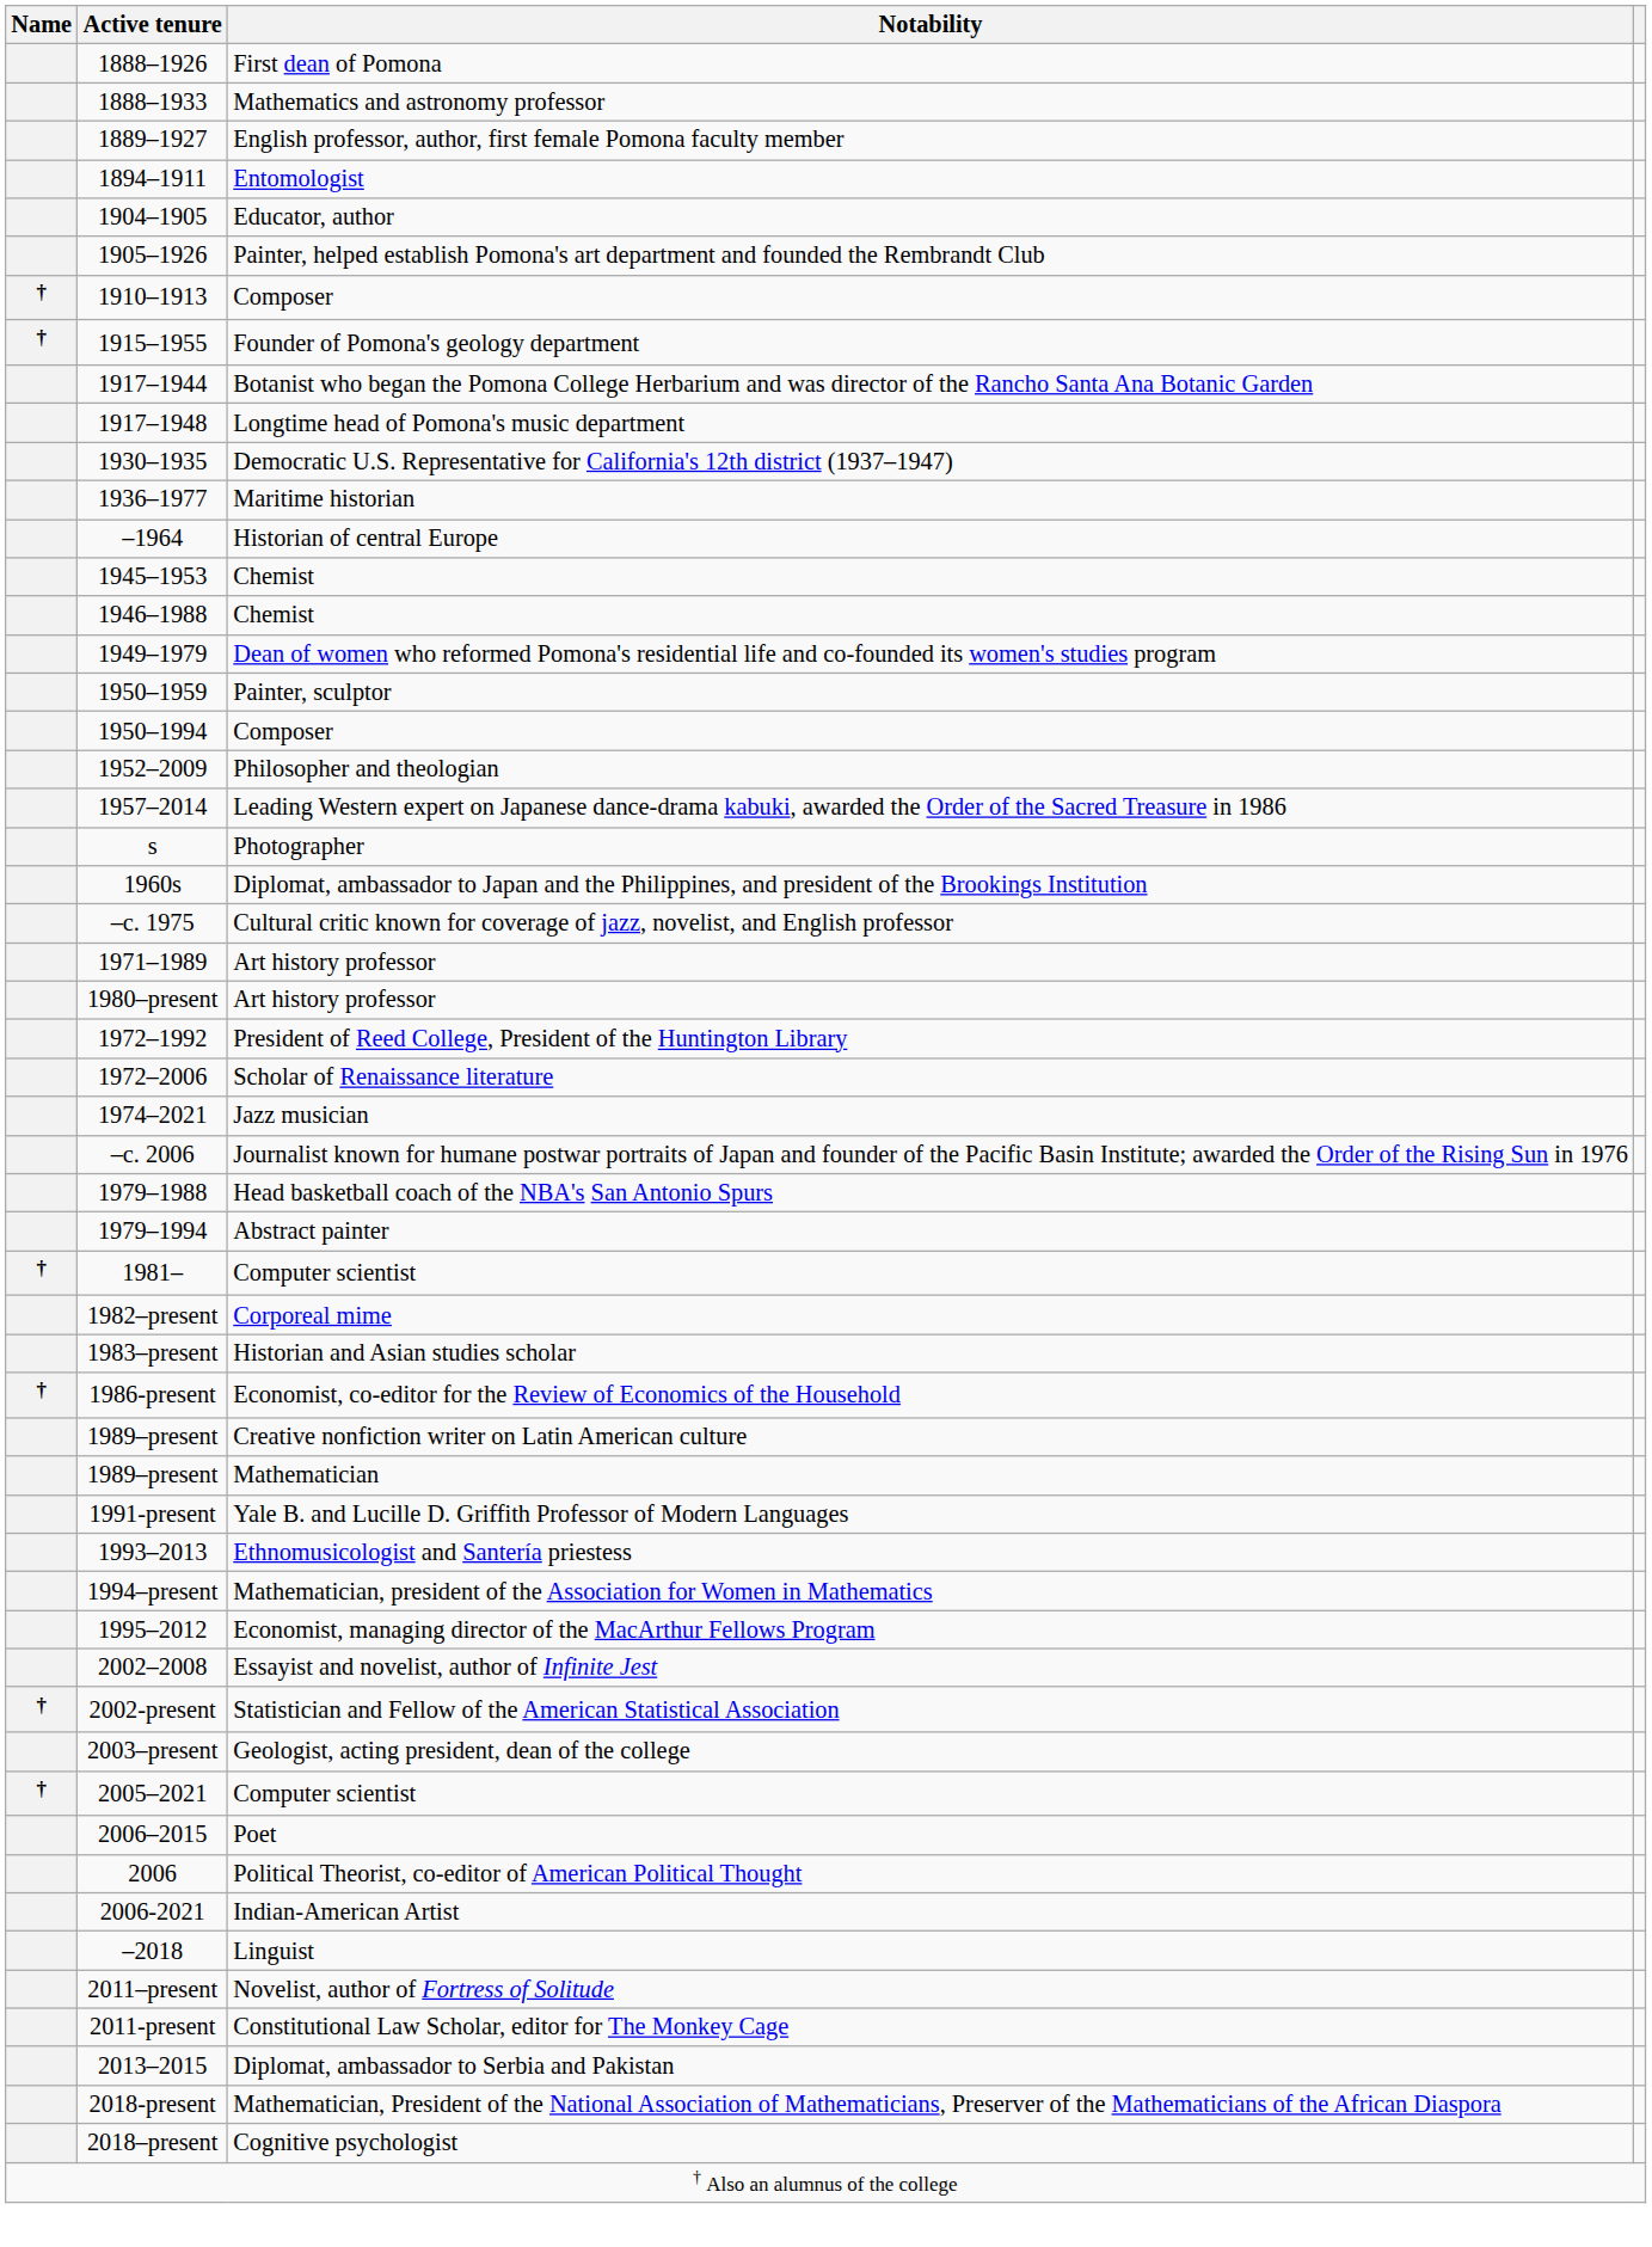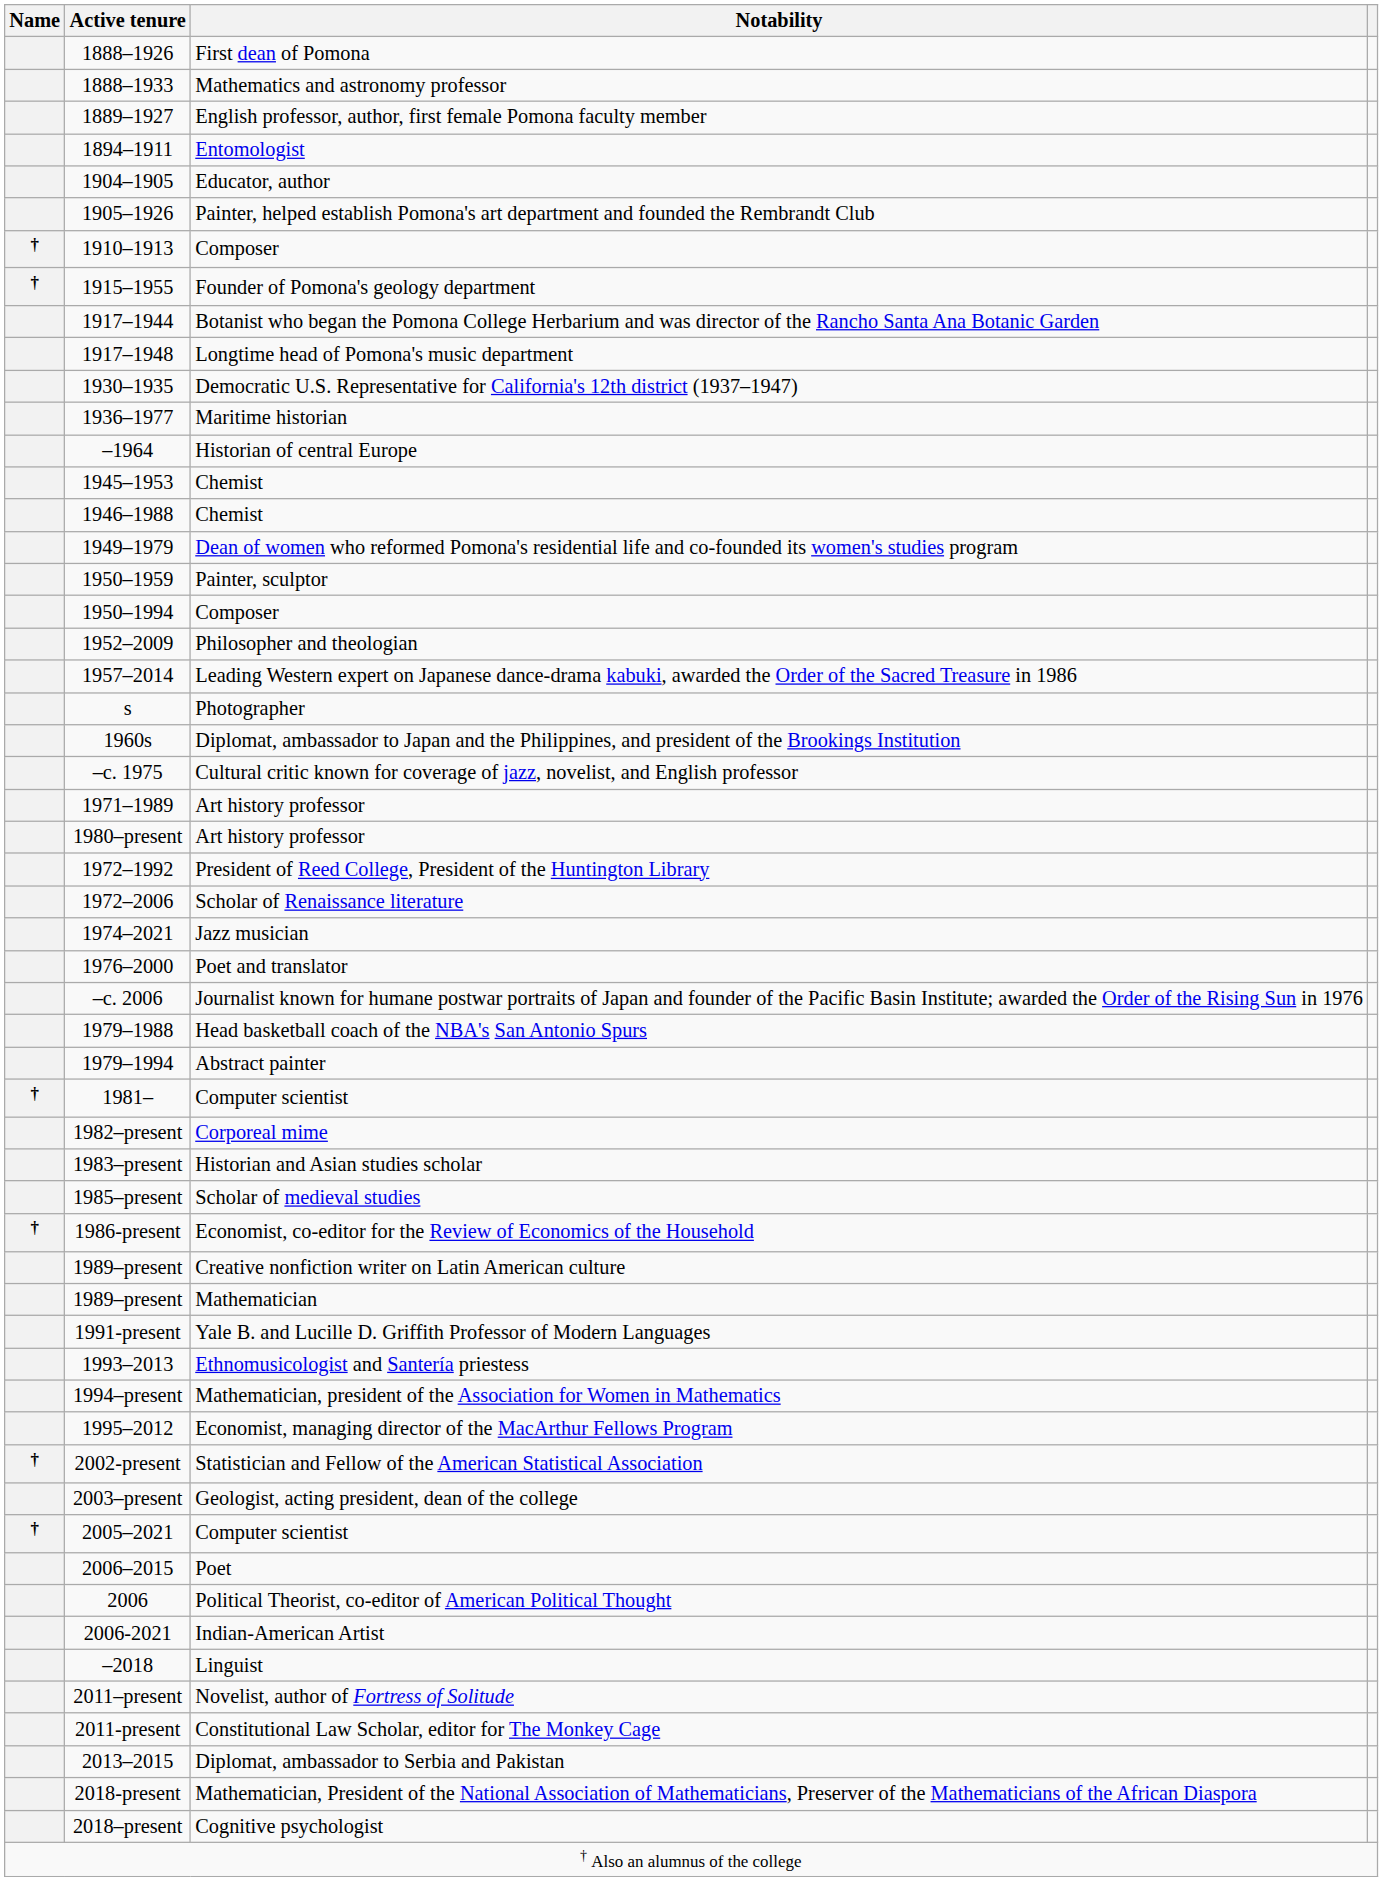 <table class="wikitable sortable plainrowheaders" style="text-align:center; border:2px solid #">
 <tr>
 <th scope="col">Name</th>
 <th scope="col">Active tenure</th>
 <th scope="col">Notability</th>
 <th scope="col"></th>
 </tr>
 <tr>
 <th scope="row"></th>
 <td>1888–1926</td>
 <td style="text-align:left;">First <a href='#'>dean</a> of Pomona</td>
 <td></td>
 </tr>
 <tr>
 <th scope="row"></th>
 <td>1888–1933</td>
 <td style="text-align:left;">Mathematics and astronomy professor</td>
 <td></td>
 </tr>
 <tr>
 <th scope="row"></th>
 <td>1889–1927</td>
 <td style="text-align:left;">English professor, author, first female Pomona faculty member</td>
 <td></td>
 </tr>
 <tr>
 <th scope="row"></th>
 <td>1894–1911</td>
 <td style="text-align:left;"><a href='#'>Entomologist</a></td>
 <td></td>
 </tr>
 <tr>
 <th scope="row"></th>
 <td>1904–1905</td>
 <td style="text-align:left;">Educator, author</td>
 <td></td>
 </tr>
 <tr>
 <th scope="row"></th>
 <td>1905–1926</td>
 <td style="text-align:left;">Painter, helped establish Pomona's art department and founded the Rembrandt Club</td>
 <td></td>
 </tr>
 <tr>
 <th scope="row"><sup>†</sup></th>
 <td>1910–1913</td>
 <td style="text-align:left;">Composer</td>
 <td></td>
 </tr>
 <tr>
 <th scope="row"><sup>†</sup></th>
 <td>1915–1955</td>
 <td style="text-align:left;">Founder of Pomona's geology department</td>
 <td></td>
 </tr>
 <tr>
 <th scope="row"></th>
 <td>1917–1944</td>
 <td style="text-align:left;">Botanist who began the Pomona College Herbarium and was director of the <a href='#'>Rancho Santa Ana Botanic Garden</a></td>
 <td></td>
 </tr>
 <tr>
 <th scope="row"></th>
 <td>1917–1948</td>
 <td style="text-align:left;">Longtime head of Pomona's music department</td>
 <td></td>
 </tr>
 <tr>
 <th scope="row"></th>
 <td>1930–1935</td>
 <td style="text-align:left;">Democratic U.S. Representative for <a href='#'>California's 12th district</a> (1937–1947)</td>
 <td></td>
 </tr>
 <tr>
 <th scope="row"></th>
 <td>1936–1977</td>
 <td style="text-align:left;">Maritime historian</td>
 <td></td>
 </tr>
 <tr>
 <th scope="row"></th>
 <td>–1964</td>
 <td style="text-align:left;">Historian of central Europe</td>
 <td></td>
 </tr>
 <tr>
 <th scope="row"></th>
 <td>1945–1953</td>
 <td style="text-align:left;">Chemist</td>
 <td></td>
 </tr>
 <tr>
 <th scope="row"></th>
 <td>1946–1988</td>
 <td style="text-align:left;">Chemist</td>
 <td></td>
 </tr>
 <tr>
 <th scope="row"></th>
 <td>1949–1979</td>
 <td style="text-align:left;"><a href='#'>Dean of women</a> who reformed Pomona's residential life and co-founded its <a href='#'>women's studies</a> program</td>
 <td></td>
 </tr>
 <tr>
 <th scope="row"></th>
 <td>1950–1959</td>
 <td style="text-align:left;">Painter, sculptor</td>
 <td></td>
 </tr>
 <tr>
 <th scope="row"></th>
 <td>1950–1994</td>
 <td style="text-align:left;">Composer</td>
 <td></td>
 </tr>
 <tr>
 <th scope="row"></th>
 <td>1952–2009</td>
 <td style="text-align:left;">Philosopher and theologian</td>
 <td></td>
 </tr>
 <tr>
 <th scope="row"></th>
 <td>1957–2014</td>
 <td style="text-align:left;">Leading Western expert on Japanese dance-drama <a href='#'>kabuki</a>, awarded the <a href='#'>Order of the Sacred Treasure</a> in 1986</td>
 <td></td>
 </tr>
 <tr>
 <th scope="row"></th>
 <td>s</td>
 <td style="text-align:left;">Photographer</td>
 <td></td>
 </tr>
 <tr>
 <th scope="row"></th>
 <td>1960s</td>
 <td style="text-align:left;">Diplomat, ambassador to Japan and the Philippines, and president of the <a href='#'>Brookings Institution</a></td>
 <td></td>
 </tr>
 <tr>
 <th scope="row"></th>
 <td>–c. 1975</td>
 <td style="text-align:left;">Cultural critic known for coverage of <a href='#'>jazz</a>, novelist, and English professor</td>
 <td></td>
 </tr>
 <tr>
 <th scope="row"></th>
 <td>1971–1989</td>
 <td style="text-align:left;">Art history professor</td>
 <td></td>
 </tr>
 <tr>
 <th scope="row"></th>
 <td>1980–present</td>
 <td style="text-align:left;">Art history professor</td>
 <td></td>
 </tr>
 <tr>
 <th scope="row"></th>
 <td>1972–1992</td>
 <td style="text-align:left;">President of <a href='#'>Reed College</a>, President of the <a href='#'>Huntington Library</a></td>
 <td></td>
 </tr>
 <tr>
 <th scope="row"></th>
 <td>1972–2006</td>
 <td style="text-align:left;">Scholar of <a href='#'>Renaissance literature</a></td>
 <td></td>
 </tr>
 <tr>
 <th scope="row"></th>
 <td>1974–2021</td>
 <td style="text-align:left;">Jazz musician</td>
 <td></td>
 </tr>
 <tr>
 <th scope="row"></th>
+<td>1976–2000</td>
+<td style="text-align:left;">Poet and translator</td>
+<td></td>
+</tr>
+<tr>
+<th scope="row"></th>
 <td>–c. 2006</td>
 <td style="text-align:left;">Journalist known for humane postwar portraits of Japan and founder of the Pacific Basin Institute; awarded the <a href='#'>Order of the Rising Sun</a> in 1976</td>
 <td></td>
 </tr>
 <tr>
 <th scope="row"></th>
 <td>1979–1988</td>
 <td style="text-align:left;">Head basketball coach of the <a href='#'>NBA's</a> <a href='#'>San Antonio Spurs</a></td>
 <td></td>
 </tr>
 <tr>
 <th scope="row"></th>
 <td>1979–1994</td>
 <td style="text-align:left;">Abstract painter</td>
 <td></td>
 </tr>
 <tr>
 <th scope="row"><sup>†</sup></th>
 <td>1981–</td>
 <td style="text-align:left;">Computer scientist</td>
 <td></td>
 </tr>
 <tr>
 <th scope="row"></th>
 <td>1982–present</td>
 <td style="text-align:left;"><a href='#'>Corporeal mime</a></td>
 <td></td>
 </tr>
 <tr>
 <th scope="row"></th>
 <td>1983–present</td>
 <td style="text-align:left;">Historian and Asian studies scholar</td>
+<td></td>
+</tr>
+<tr>
+<th scope="row"></th>
+<td>1985–present</td>
+<td style="text-align:left;">Scholar of <a href='#'>medieval studies</a></td>
 <td></td>
 </tr>
 <tr>
 <th scope="row"><sup>†</sup></th>
 <td>1986-present</td>
 <td style="text-align:left;">Economist, co-editor for the <a href='#'>Review of Economics of the Household</a></td>
 <td></td>
 </tr>
 <tr>
 <th scope="row"></th>
 <td>1989–present</td>
 <td style="text-align:left;">Creative nonfiction writer on Latin American culture</td>
 <td></td>
 </tr>
 <tr>
 <th scope="row"></th>
 <td>1989–present</td>
 <td style="text-align:left;">Mathematician</td>
 <td></td>
 </tr>
 <tr>
 <th scope="row"></th>
 <td>1991-present</td>
 <td style="text-align:left;">Yale B. and Lucille D. Griffith Professor of Modern Languages</td>
 <td></td>
 </tr>
 <tr>
 <th scope="row"></th>
 <td>1993–2013</td>
 <td style="text-align:left;"><a href='#'>Ethnomusicologist</a> and <a href='#'>Santería</a> priestess</td>
 <td></td>
 </tr>
 <tr>
 <th scope="row"></th>
 <td>1994–present</td>
 <td style="text-align:left;">Mathematician, president of the <a href='#'>Association for Women in Mathematics</a></td>
 <td></td>
 </tr>
 <tr>
 <th scope="row"></th>
 <td>1995–2012</td>
 <td style="text-align:left;">Economist, managing director of the <a href='#'>MacArthur Fellows Program</a></td>
-<td></td>
-</tr>
-<tr>
-<th scope="row"></th>
-<td>2002–2008</td>
-<td style="text-align:left;">Essayist and novelist, author of <em><a href='#'>Infinite Jest</a></em></td>
 <td></td>
 </tr>
 <tr>
 <th scope="row"><sup>†</sup></th>
 <td>2002-present</td>
 <td style="text-align:left;">Statistician and Fellow of the <a href='#'>American Statistical Association</a></td>
 <td></td>
 </tr>
 <tr>
 <th scope="row"></th>
 <td>2003–present</td>
 <td style="text-align:left;">Geologist, acting president, dean of the college</td>
 <td></td>
 </tr>
 <tr>
 <th scope="row"><sup>†</sup></th>
 <td>2005–2021</td>
 <td style="text-align:left;">Computer scientist</td>
 <td></td>
 </tr>
 <tr>
 <th scope="row"></th>
 <td>2006–2015</td>
 <td style="text-align:left;">Poet</td>
 <td></td>
 </tr>
 <tr>
 <th scope="row"></th>
 <td>2006</td>
 <td style="text-align:left;">Political Theorist, co-editor of <a href='#'>American Political Thought</a></td>
 <td></td>
 </tr>
 <tr>
 <th scope="row"></th>
 <td>2006-2021</td>
 <td style="text-align:left;">Indian-American Artist</td>
 <td></td>
 </tr>
 <tr>
 <th scope="row"></th>
 <td>–2018</td>
 <td style="text-align:left;">Linguist</td>
 <td></td>
 </tr>
 <tr>
 <th scope="row"></th>
 <td>2011–present</td>
 <td style="text-align:left;">Novelist, author of <em><a href='#'>Fortress of Solitude</a></em></td>
 <td></td>
 </tr>
 <tr>
 <th scope="row"></th>
 <td>2011-present</td>
 <td style="text-align:left;">Constitutional Law Scholar, editor for <a href='#'>The Monkey Cage</a></td>
 <td></td>
 </tr>
 <tr>
 <th scope="row"></th>
 <td>2013–2015</td>
 <td style="text-align:left;">Diplomat, ambassador to Serbia and Pakistan</td>
 <td></td>
 </tr>
 <tr>
 <th scope="row"></th>
 <td>2018-present</td>
 <td style="text-align:left;">Mathematician, President of the <a href='#'>National Association of Mathematicians</a>, Preserver of the <a href='#'>Mathematicians of the African Diaspora</a></td>
 <td></td>
 </tr>
 <tr>
 <th scope="row"></th>
 <td>2018–present</td>
 <td style="text-align:left;">Cognitive psychologist</td>
 <td></td>
 </tr>
 <tr class="sortbottom">
 <td colspan="4"><small><sup>†</sup> Also an alumnus of the college</small></td>
 </tr>
 </table>
